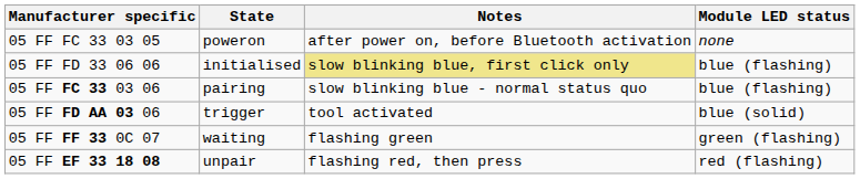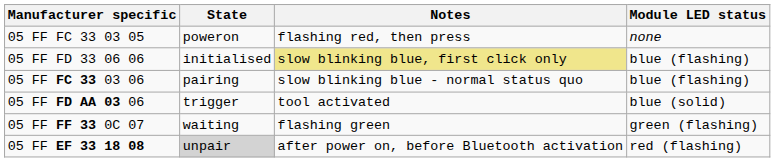 <table class="wikitable sortable">
 <tr>
 <th>Manufacturer specific</th>
 <th>State</th>
 <th>Notes</th>
 <th>Module LED status</th>
 </tr>
 <tr>
 <td style="font-family:monospace;">05 FF FC 33 03 05</td>
 <td>poweron</td>
-<td>after power on, before Bluetooth activation</td>
+<td>flashing red, then press</td>
 <td><em>none</em></td>
 </tr>
 <tr>
 <td style="font-family:monospace;">05 FF FD 33 06 06</td>
 <td>initialised</td>
 <td style="background: khaki;">slow blinking blue, first click only</td>
 <td>blue (flashing)</td>
 </tr>
 <tr>
 <td style="font-family:monospace;">05 FF <strong>FC 33</strong> 03 06</td>
 <td>pairing</td>
 <td>slow blinking blue - normal status quo</td>
 <td>blue (flashing)</td>
 </tr>
 <tr>
 <td style="font-family:monospace;">05 FF <strong>FD AA 03</strong> 06</td>
 <td>trigger</td>
 <td>tool activated</td>
 <td>blue (solid)</td>
 </tr>
 <tr>
 <td style="font-family:monospace;">05 FF <strong>FF 33</strong> 0C 07</td>
 <td>waiting</td>
 <td>flashing green</td>
 <td>green (flashing)</td>
 </tr>
 <tr>
 <td style="font-family:monospace;">05 FF <strong>EF 33 18 08</strong></td>
-<td>unpair</td>
-<td>flashing red, then press</td>
+<td style="background: lightgrey;">unpair</td>
+<td>after power on, before Bluetooth activation</td>
 <td>red (flashing)</td>
 </tr>
 </table>
